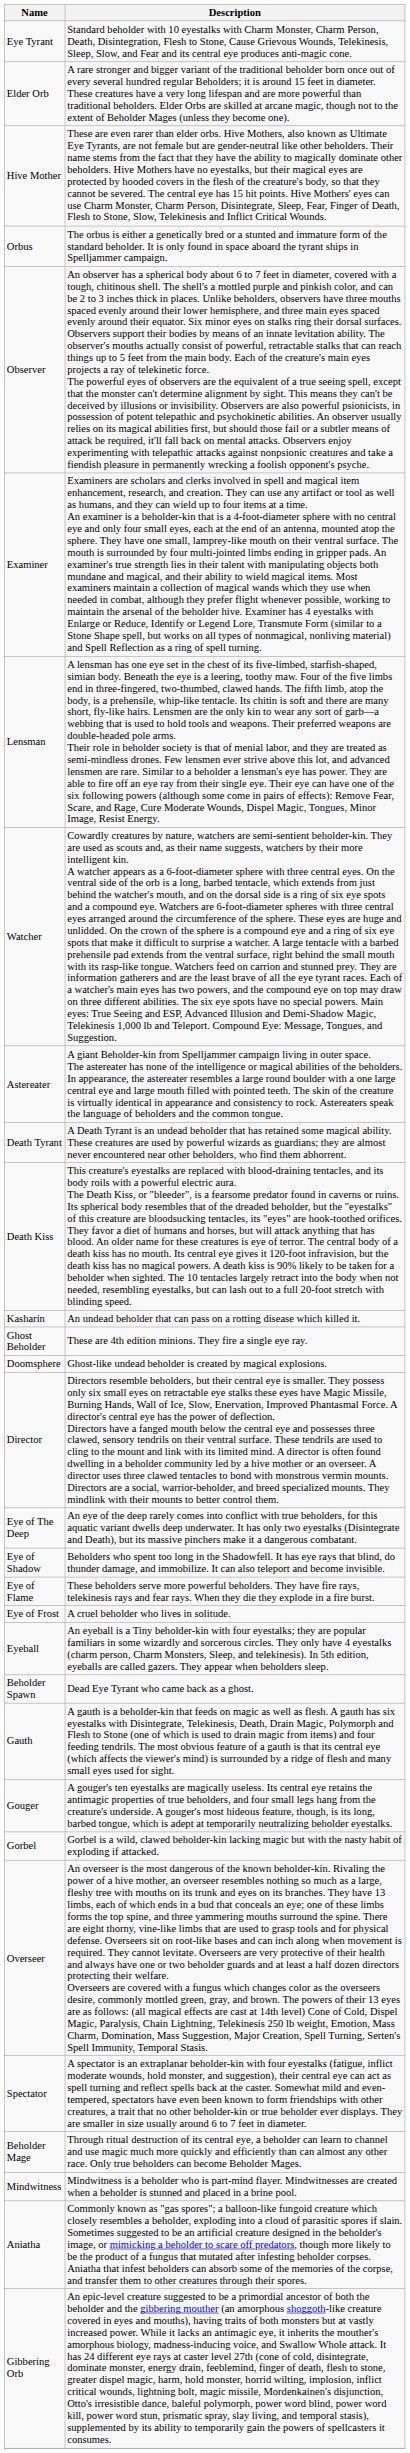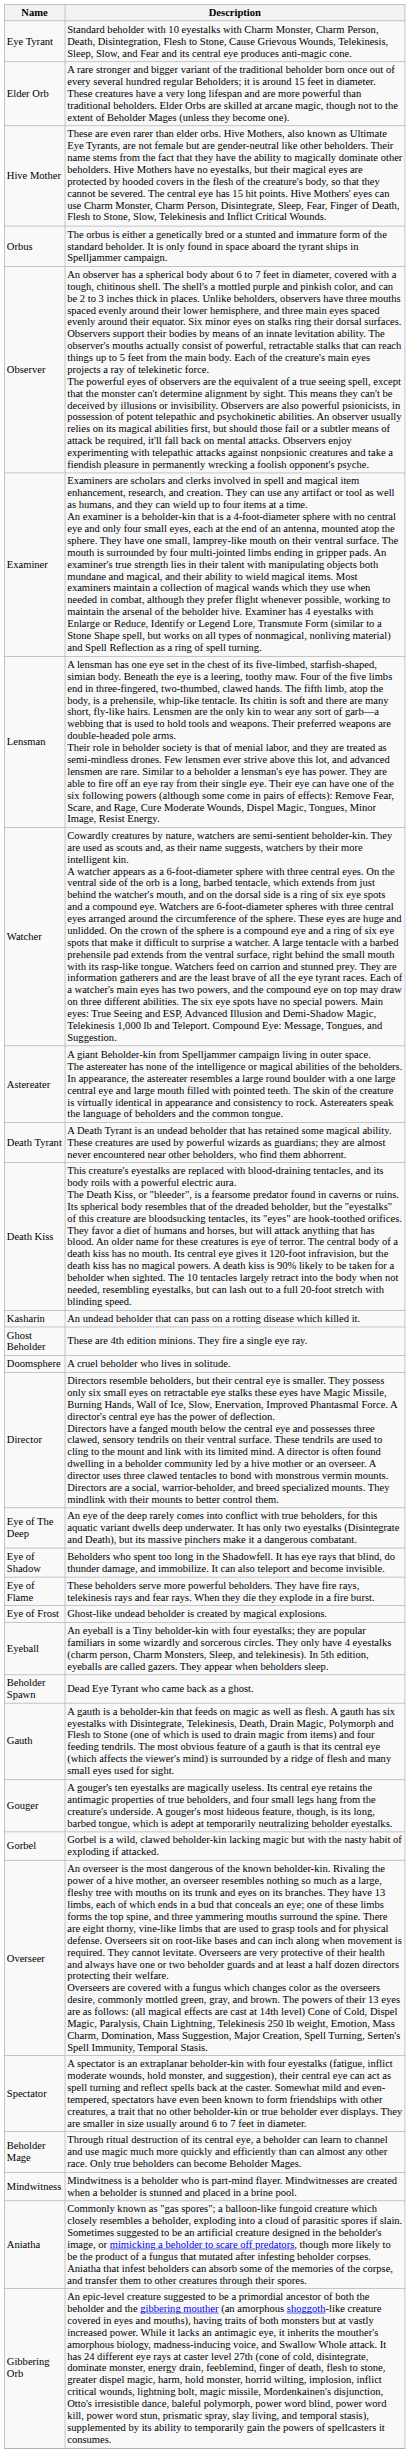 <table class="wikitable">
 <tr>
 <th>Name</th>
 <th>Description</th>
 </tr>
 <tr>
 <td>Eye Tyrant</td>
 <td>Standard beholder with 10 eyestalks with Charm Monster, Charm Person, Death, Disintegration, Flesh to Stone, Cause Grievous Wounds, Telekinesis, Sleep, Slow, and Fear and its central eye produces anti-magic cone.</td>
 </tr>
 <tr>
 <td>Elder Orb</td>
 <td>A rare stronger and bigger variant of the traditional beholder born once out of every several hundred regular Beholders; it is around 15 feet in diameter. These creatures have a very long lifespan and are more powerful than traditional beholders. Elder Orbs are skilled at arcane magic, though not to the extent of Beholder Mages (unless they become one).</td>
 </tr>
 <tr>
 <td>Hive Mother</td>
 <td>These are even rarer than elder orbs. Hive Mothers, also known as Ultimate Eye Tyrants, are not female but are gender-neutral like other beholders. Their name stems from the fact that they have the ability to magically dominate other beholders. Hive Mothers have no eyestalks, but their magical eyes are protected by hooded covers in the flesh of the creature's body, so that they cannot be severed. The central eye has 15 hit points. Hive Mothers' eyes can use Charm Monster, Charm Person, Disintegrate, Sleep, Fear, Finger of Death, Flesh to Stone, Slow, Telekinesis and Inflict Critical Wounds.</td>
 </tr>
 <tr>
 <td>Orbus</td>
 <td>The orbus is either a genetically bred or a stunted and immature form of the standard beholder. It is only found in space aboard the tyrant ships in Spelljammer campaign.</td>
 </tr>
 <tr>
 <td>Observer</td>
 <td>An observer has a spherical body about 6 to 7 feet in diameter, covered with a tough, chitinous shell. The shell's a mottled purple and pinkish color, and can be 2 to 3 inches thick in places. Unlike beholders, observers have three mouths spaced evenly around their lower hemisphere, and three main eyes spaced evenly around their equator. Six minor eyes on stalks ring their dorsal surfaces. Observers support their bodies by means of an innate levitation ability. The observer's mouths actually consist of powerful, retractable stalks that can reach things up to 5 feet from the main body. Each of the creature's main eyes projects a ray of telekinetic force.<br>The powerful eyes of observers are the equivalent of a true seeing spell, except that the monster can't determine alignment by sight. This means they can't be deceived by illusions or invisibility. Observers are also powerful psionicists, in possession of potent telepathic and psychokinetic abilities. An observer usually relies on its magical abilities first, but should those fail or a subtler means of attack be required, it'll fall back on mental attacks. Observers enjoy experimenting with telepathic attacks against nonpsionic creatures and take a fiendish pleasure in permanently wrecking a foolish opponent's psyche.</td>
 </tr>
 <tr>
 <td>Examiner</td>
 <td>Examiners are scholars and clerks involved in spell and magical item enhancement, research, and creation. They can use any artifact or tool as well as humans, and they can wield up to four items at a time.<br>An examiner is a beholder-kin that is a 4-foot-diameter sphere with no central eye and only four small eyes, each at the end of an antenna, mounted atop the sphere. They have one small, lamprey-like mouth on their ventral surface. The mouth is surrounded by four multi-jointed limbs ending in gripper pads. An examiner's true strength lies in their talent with manipulating objects both mundane and magical, and their ability to wield magical items. Most examiners maintain a collection of magical wands which they use when needed in combat, although they prefer flight whenever possible, working to maintain the arsenal of the beholder hive. Examiner has 4 eyestalks with Enlarge or Reduce, Identify or Legend Lore, Transmute Form (similar to a Stone Shape spell, but works on all types of nonmagical, nonliving material) and Spell Reflection as a ring of spell turning.</td>
 </tr>
 <tr>
 <td>Lensman</td>
 <td>A lensman has one eye set in the chest of its five-limbed, starfish-shaped, simian body. Beneath the eye is a leering, toothy maw. Four of the five limbs end in three-fingered, two-thumbed, clawed hands. The fifth limb, atop the body, is a prehensile, whip-like tentacle. Its chitin is soft and there are many short, fly-like hairs. Lensmen are the only kin to wear any sort of garb—a webbing that is used to hold tools and weapons. Their preferred weapons are double-headed pole arms.<br>Their role in beholder society is that of menial labor, and they are treated as semi-mindless drones. Few lensmen ever strive above this lot, and advanced lensmen are rare. Similar to a beholder a lensman's eye has power. They are able to fire off an eye ray from their single eye. Their eye can have one of the six following powers (although some come in pairs of effects): Remove Fear, Scare, and Rage, Cure Moderate Wounds, Dispel Magic, Tongues, Minor Image, Resist Energy.</td>
 </tr>
 <tr>
 <td>Watcher</td>
 <td>Cowardly creatures by nature, watchers are semi-sentient beholder-kin. They are used as scouts and, as their name suggests, watchers by their more intelligent kin.<br>A watcher appears as a 6-foot-diameter sphere with three central eyes. On the ventral side of the orb is a long, barbed tentacle, which extends from just behind the watcher's mouth, and on the dorsal side is a ring of six eye spots and a compound eye. Watchers are 6-foot-diameter spheres with three central eyes arranged around the circumference of the sphere. These eyes are huge and unlidded. On the crown of the sphere is a compound eye and a ring of six eye spots that make it difficult to surprise a watcher. A large tentacle with a barbed prehensile pad extends from the ventral surface, right behind the small mouth with its rasp-like tongue. Watchers feed on carrion and stunned prey. They are information gatherers and are the least brave of all the eye tyrant races. Each of a watcher's main eyes has two powers, and the compound eye on top may draw on three different abilities. The six eye spots have no special powers. Main eyes: True Seeing and ESP, Advanced Illusion and Demi-Shadow Magic, Telekinesis 1,000 lb and Teleport. Compound Eye: Message, Tongues, and Suggestion.</td>
 </tr>
 <tr>
 <td>Astereater</td>
 <td>A giant Beholder-kin from Spelljammer campaign living in outer space.<br>The astereater has none of the intelligence or magical abilities of the beholders. In appearance, the astereater resembles a large round boulder with a one large central eye and large mouth filled with pointed teeth. The skin of the creature is virtually identical in appearance and consistency to rock. Astereaters speak the language of beholders and the common tongue.</td>
 </tr>
 <tr>
 <td>Death Tyrant</td>
 <td>A Death Tyrant is an undead beholder that has retained some magical ability. These creatures are used by powerful wizards as guardians; they are almost never encountered near other beholders, who find them abhorrent.</td>
 </tr>
 <tr>
 <td>Death Kiss</td>
 <td>This creature's eyestalks are replaced with blood-draining tentacles, and its body roils with a powerful electric aura.<br>The Death Kiss, or "bleeder", is a fearsome predator found in caverns or ruins. Its spherical body resembles that of the dreaded beholder, but the "eyestalks" of this creature are bloodsucking tentacles, its "eyes" are hook-toothed orifices. They favor a diet of humans and horses, but will attack anything that has blood. An older name for these creatures is eye of terror. The central body of a death kiss has no mouth. Its central eye gives it 120-foot infravision, but the death kiss has no magical powers. A death kiss is 90% likely to be taken for a beholder when sighted. The 10 tentacles largely retract into the body when not needed, resembling eyestalks, but can lash out to a full 20-foot stretch with blinding speed.</td>
 </tr>
 <tr>
 <td>Kasharin</td>
 <td>An undead beholder that can pass on a rotting disease which killed it.</td>
 </tr>
 <tr>
 <td>Ghost Beholder</td>
 <td>These are 4th edition minions. They fire a single eye ray.</td>
 </tr>
 <tr>
 <td>Doomsphere</td>
-<td>Ghost-like undead beholder is created by magical explosions.</td>
+<td>A cruel beholder who lives in solitude.</td>
 </tr>
 <tr>
 <td>Director</td>
 <td>Directors resemble beholders, but their central eye is smaller. They possess only six small eyes on retractable eye stalks these eyes have Magic Missile, Burning Hands, Wall of Ice, Slow, Enervation, Improved Phantasmal Force. A director's central eye has the power of deflection.<br>Directors have a fanged mouth below the central eye and possesses three clawed, sensory tendrils on their ventral surface. These tendrils are used to cling to the mount and link with its limited mind. A director is often found dwelling in a beholder community led by a hive mother or an overseer. A director uses three clawed tentacles to bond with monstrous vermin mounts. Directors are a social, warrior-beholder, and breed specialized mounts. They mindlink with their mounts to better control them.</td>
 </tr>
 <tr>
 <td>Eye of The Deep</td>
 <td>An eye of the deep rarely comes into conflict with true beholders, for this aquatic variant dwells deep underwater. It has only two eyestalks (Disintegrate and Death), but its massive pinchers make it a dangerous combatant.</td>
 </tr>
 <tr>
 <td>Eye of Shadow</td>
 <td>Beholders who spent too long in the Shadowfell. It has eye rays that blind, do thunder damage, and immobilize. It can also teleport and become invisible.</td>
 </tr>
 <tr>
 <td>Eye of Flame</td>
 <td>These beholders serve more powerful beholders. They have fire rays, telekinesis rays and fear rays. When they die they explode in a fire burst.</td>
 </tr>
 <tr>
 <td>Eye of Frost</td>
-<td>A cruel beholder who lives in solitude.</td>
+<td>Ghost-like undead beholder is created by magical explosions.</td>
 </tr>
 <tr>
 <td>Eyeball</td>
 <td>An eyeball is a Tiny beholder-kin with four eyestalks; they are popular familiars in some wizardly and sorcerous circles. They only have 4 eyestalks (charm person, Charm Monsters, Sleep, and telekinesis). In 5th edition, eyeballs are called gazers. They appear when beholders sleep.</td>
 </tr>
 <tr>
 <td>Beholder Spawn</td>
 <td>Dead Eye Tyrant who came back as a ghost.</td>
 </tr>
 <tr>
 <td>Gauth</td>
 <td>A gauth is a beholder-kin that feeds on magic as well as flesh. A gauth has six eyestalks with Disintegrate, Telekinesis, Death, Drain Magic, Polymorph and Flesh to Stone (one of which is used to drain magic from items) and four feeding tendrils. The most obvious feature of a gauth is that its central eye (which affects the viewer's mind) is surrounded by a ridge of flesh and many small eyes used for sight.</td>
 </tr>
 <tr>
 <td>Gouger</td>
 <td>A gouger's ten eyestalks are magically useless. Its central eye retains the antimagic properties of true beholders, and four small legs hang from the creature's underside. A gouger's most hideous feature, though, is its long, barbed tongue, which is adept at temporarily neutralizing beholder eyestalks.</td>
 </tr>
 <tr>
 <td>Gorbel</td>
 <td>Gorbel is a wild, clawed beholder-kin lacking magic but with the nasty habit of exploding if attacked.</td>
 </tr>
 <tr>
 <td>Overseer</td>
 <td>An overseer is the most dangerous of the known beholder-kin. Rivaling the power of a hive mother, an overseer resembles nothing so much as a large, fleshy tree with mouths on its trunk and eyes on its branches. They have 13 limbs, each of which ends in a bud that conceals an eye; one of these limbs forms the top spine, and three yammering mouths surround the spine. There are eight thorny, vine-like limbs that are used to grasp tools and for physical defense. Overseers sit on root-like bases and can inch along when movement is required. They cannot levitate. Overseers are very protective of their health and always have one or two beholder guards and at least a half dozen directors protecting their welfare.<br>Overseers are covered with a fungus which changes color as the overseers desire, commonly mottled green, gray, and brown. The powers of their 13 eyes are as follows: (all magical effects are cast at 14th level) Cone of Cold, Dispel Magic, Paralysis, Chain Lightning, Telekinesis 250 lb weight, Emotion, Mass Charm, Domination, Mass Suggestion, Major Creation, Spell Turning, Serten's Spell Immunity, Temporal Stasis.</td>
 </tr>
 <tr>
 <td>Spectator</td>
 <td>A spectator is an extraplanar beholder-kin with four eyestalks (fatigue, inflict moderate wounds, hold monster, and suggestion), their central eye can act as spell turning and reflect spells back at the caster. Somewhat mild and even-tempered, spectators have even been known to form friendships with other creatures, a trait that no other beholder-kin or true beholder ever displays. They are smaller in size usually around 6 to 7 feet in diameter.</td>
 </tr>
 <tr>
 <td>Beholder Mage</td>
 <td>Through ritual destruction of its central eye, a beholder can learn to channel and use magic much more quickly and efficiently than can almost any other race. Only true beholders can become Beholder Mages.</td>
 </tr>
 <tr>
 <td>Mindwitness</td>
 <td>Mindwitness is a beholder who is part-mind flayer. Mindwitnesses are created when a beholder is stunned and placed in a brine pool.</td>
 </tr>
 <tr>
 <td>Aniatha</td>
 <td>Commonly known as "gas spores"; a balloon-like fungoid creature which closely resembles a beholder, exploding into a cloud of parasitic spores if slain. Sometimes suggested to be an artificial creature designed in the beholder's image, or <a href='#'>mimicking a beholder to scare off predators</a>, though more likely to be the product of a fungus that mutated after infesting beholder corpses. Aniatha that infest beholders can absorb some of the memories of the corpse, and transfer them to other creatures through their spores.</td>
 </tr>
 <tr>
 <td>Gibbering Orb</td>
 <td>An epic-level creature suggested to be a primordial ancestor of both the beholder and the <a href='#'>gibbering mouther</a> (an amorphous <a href='#'>shoggoth</a>-like creature covered in eyes and mouths), having traits of both monsters but at vastly increased power. While it lacks an antimagic eye, it inherits the mouther's amorphous biology, madness-inducing voice, and Swallow Whole attack. It has 24 different eye rays at caster level 27th (cone of cold, disintegrate, dominate monster, energy drain, feeblemind, finger of death, flesh to stone, greater dispel magic, harm, hold monster, horrid wilting, implosion, inflict critical wounds, lightning bolt, magic missile, Mordenkainen's disjunction, Otto's irresistible dance, baleful polymorph, power word blind, power word kill, power word stun, prismatic spray, slay living, and temporal stasis), supplemented by its ability to temporarily gain the powers of spellcasters it consumes.</td>
 </tr>
 <tr>
 </tr>
 </table>
